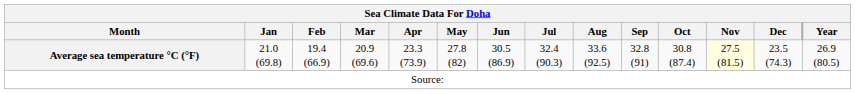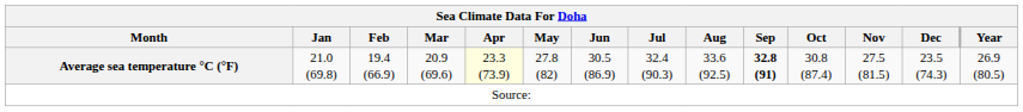 <table style="width:100%;text-align:center;line-height:1.2em;margin-left:auto;margin-right:auto" class="wikitable">
 <tr>
 <th Colspan=14>Sea Climate Data For <a href='#'>Doha</a></th>
 </tr>
 <tr>
 <th>Month</th>
 <th>Jan</th>
 <th>Feb</th>
 <th>Mar</th>
 <th>Apr</th>
 <th>May</th>
 <th>Jun</th>
 <th>Jul</th>
 <th>Aug</th>
 <th>Sep</th>
 <th>Oct</th>
 <th>Nov</th>
 <th>Dec</th>
 <th style="border-left-width:medium">Year</th>
 </tr>
 <tr>
 <th>Average sea temperature °C (°F)</th>
 <td>21.0<br>(69.8)</td>
 <td>19.4<br>(66.9)</td>
 <td>20.9<br>(69.6)</td>
-<td>23.3<br>(73.9)</td>
+<td style="background: lightyellow;">23.3<br>(73.9)</td>
 <td>27.8<br>(82)</td>
 <td>30.5<br>(86.9)</td>
 <td>32.4<br>(90.3)</td>
 <td>33.6<br>(92.5)</td>
-<td>32.8<br>(91)</td>
+<td><strong>32.8<br>(91)</strong></td>
 <td>30.8<br>(87.4)</td>
-<td style="background: lightyellow;">27.5<br>(81.5)</td>
+<td>27.5<br>(81.5)</td>
 <td>23.5<br>(74.3)</td>
 <td>26.9<br>(80.5)</td>
 </tr>
 <tr>
 <th Colspan=14 style="background:#ffffff;font-weight:normal;font-size:100%;">Source:</th>
 </tr>
 </table>
